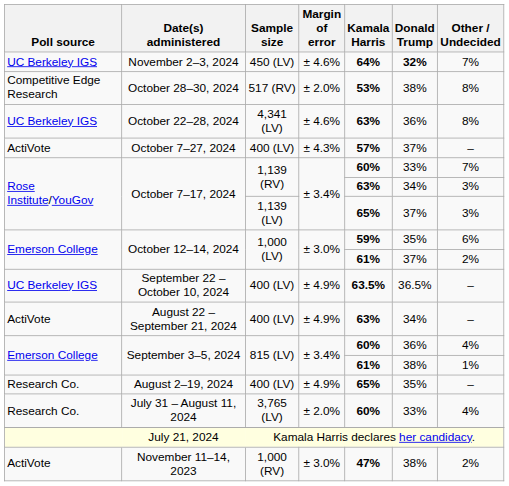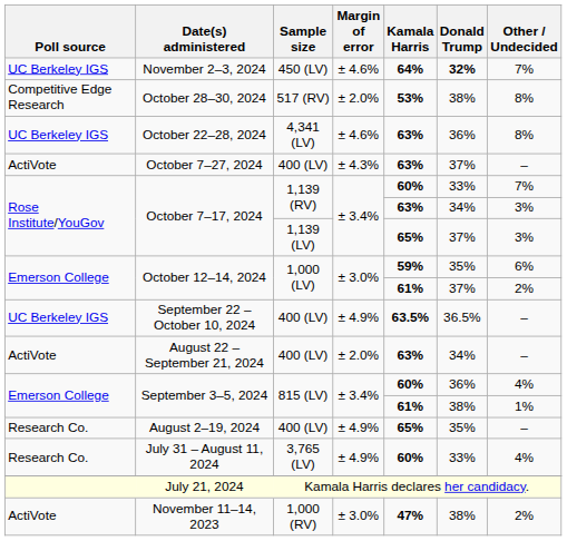 <table class="wikitable sortable mw-datatable" style="font-size:90%;text-align:center;line-height:17px">
 <tr valign=bottom>
 <th>Poll source</th>
 <th>Date(s)<br>administered</th>
 <th>Sample<br>size</th>
 <th>Margin<br>of error</th>
 <th class="unsortable">Kamala<br>Harris<br></th>
 <th class="unsortable">Donald<br>Trump<br></th>
 <th class="unsortable">Other /<br>Undecided</th>
 </tr>
 <tr>
 <td style="text-align:left;"><a href='#'>UC Berkeley IGS</a></td>
 <td data-sort-value="2024-11-03">November 2–3, 2024</td>
 <td>450 (LV)</td>
 <td>± 4.6%</td>
 <td style="color:black;background-color:"><strong>64%</strong></td>
 <td><strong>32%</strong></td>
 <td>7%</td>
 </tr>
 <tr>
 <td style="text-align:left;">Competitive Edge Research</td>
 <td data-sort-value="2024-11-03">October 28–30, 2024</td>
 <td>517 (RV)</td>
 <td>± 2.0%</td>
 <td style="color:black;background-color:"><strong>53%</strong></td>
 <td>38%</td>
 <td>8%</td>
 </tr>
 <tr>
 <td style="text-align:left;"><a href='#'>UC Berkeley IGS</a></td>
 <td data-sort-value="2024-08-19">October 22–28, 2024</td>
 <td>4,341 (LV)</td>
 <td>± 4.6%</td>
 <td style="color:black;background-color:"><strong>63%</strong></td>
 <td>36%</td>
 <td>8%</td>
 </tr>
 <tr>
 <td style="text-align:left;">ActiVote</td>
 <td data-sort-value="2024-08-19">October 7–27, 2024</td>
 <td>400 (LV)</td>
 <td>± 4.3%</td>
-<td style="color:black;background-color:"><strong>57%</strong></td>
+<td style="color:black;background-color:"><strong>63%</strong></td>
 <td>37%</td>
 <td>–</td>
 </tr>
 <tr>
 <td style="text-align:left;" rowspan="3"><a href='#'>Rose Institute</a>/<a href='#'>YouGov</a></td>
 <td rowspan="3">October 7–17, 2024</td>
 <td rowspan="2">1,139 (RV)</td>
 <td rowspan="3">± 3.4%</td>
 <td style="color:black;background-color:"><strong>60%</strong></td>
 <td>33%</td>
 <td>7%</td>
 </tr>
 <tr>
 <td style="color:black;background-color:"><strong>63%</strong></td>
 <td>34%</td>
 <td>3%</td>
 </tr>
 <tr>
 <td>1,139 (LV)</td>
 <td style="color:black;background-color:"><strong>65%</strong></td>
 <td>37%</td>
 <td>3%</td>
 </tr>
 <tr>
 <td style="text-align:left;" rowspan="2"><a href='#'>Emerson College</a></td>
 <td rowspan="2">October 12–14, 2024</td>
 <td rowspan="2">1,000 (LV)</td>
 <td rowspan="2">± 3.0%</td>
 <td style="color:black;background-color:"><strong>59%</strong></td>
 <td>35%</td>
 <td>6%</td>
 </tr>
 <tr>
 <td style="color:black;background-color:"><strong>61%</strong></td>
 <td>37%</td>
 <td>2%</td>
 </tr>
 <tr>
 <td style="text-align:left;"><a href='#'>UC Berkeley IGS</a></td>
 <td data-sort-value="2024-08-19">September 22 – October 10, 2024</td>
 <td>400 (LV)</td>
 <td>± 4.9%</td>
 <td style="color:black;background-color:"><strong>63.5%</strong></td>
 <td>36.5%</td>
 <td>–</td>
 </tr>
 <tr>
 <td style="text-align:left;">ActiVote</td>
 <td data-sort-value="2024-08-19">August 22 – September 21, 2024</td>
 <td>400 (LV)</td>
-<td>± 4.9%</td>
+<td>± 2.0%</td>
 <td style="color:black;background-color:"><strong>63%</strong></td>
 <td>34%</td>
 <td>–</td>
 </tr>
 <tr>
 <td style="text-align:left;" rowspan="2"><a href='#'>Emerson College</a></td>
 <td rowspan="2">September 3–5, 2024</td>
 <td rowspan="2">815 (LV)</td>
 <td rowspan="2">± 3.4%</td>
 <td style="color:black;background-color:"><strong>60%</strong></td>
 <td>36%</td>
 <td>4%</td>
 </tr>
 <tr>
 <td style="color:black;background-color:"><strong>61%</strong></td>
 <td>38%</td>
 <td>1%</td>
 </tr>
 <tr>
 <td style="text-align:left;">Research Co.</td>
 <td data-sort-value="2024-08-19">August 2–19, 2024</td>
 <td>400 (LV)</td>
 <td>± 4.9%</td>
 <td style="color:black;background-color:"><strong>65%</strong></td>
 <td>35%</td>
 <td>–</td>
 </tr>
 <tr>
 <td style="text-align:left;">Research Co.</td>
 <td data-sort-value="2024-08-11">July 31 – August 11, 2024</td>
 <td>3,765 (LV)</td>
-<td>± 2.0%</td>
+<td>± 4.9%</td>
 <td style="color:black;background-color:"><strong>60%</strong></td>
 <td>33%</td>
 <td>4%</td>
 </tr>
 <tr>
 </tr>
 <tr style="background:lightyellow;">
 <td style="border-right-style:hidden; background:lightyellow;"></td>
 <td style="border-right-style:hidden; " data-sort-value="2024-07-21">July 21, 2024</td>
 <td colspan="6">Kamala Harris declares <a href='#'>her candidacy</a>.</td>
 </tr>
 <tr>
 <td style="text-align:left;">ActiVote</td>
 <td>November 11–14, 2023</td>
 <td>1,000 (RV)</td>
 <td>± 3.0%</td>
 <td style="color:black;background-color:"><strong>47%</strong></td>
 <td>38%</td>
 <td>2%</td>
 </tr>
 </table>
